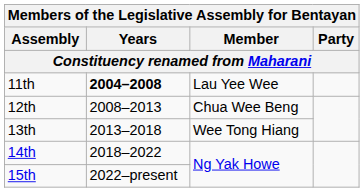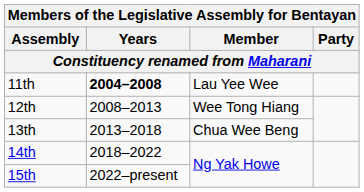 <table class="wikitable">
 <tr>
 <th colspan="4">Members of the Legislative Assembly for Bentayan</th>
 </tr>
 <tr>
 <th>Assembly</th>
 <th>Years</th>
 <th>Member</th>
 <th>Party</th>
 </tr>
 <tr>
 <th colspan="4"><em>Constituency renamed from <a href='#'>Maharani</a></em></th>
 </tr>
 <tr>
 <td>11th</td>
 <td><strong>2004–2008</strong></td>
 <td>Lau Yee Wee</td>
 <td rowspan=1></td>
 </tr>
 <tr>
 <td>12th</td>
 <td>2008–2013</td>
-<td>Chua Wee Beng</td>
+<td>Wee Tong Hiang</td>
 <td rowspan="2"></td>
 </tr>
 <tr>
 <td>13th</td>
 <td>2013–2018</td>
-<td>Wee Tong Hiang</td>
+<td>Chua Wee Beng</td>
 </tr>
 <tr>
 <td><a href='#'>14th</a></td>
 <td>2018–2022</td>
 <td rowspan="2"><a href='#'>Ng Yak Howe</a></td>
 <td rowspan=2></td>
 </tr>
 <tr>
 <td><a href='#'>15th</a></td>
 <td>2022–present</td>
 </tr>
 </table>
